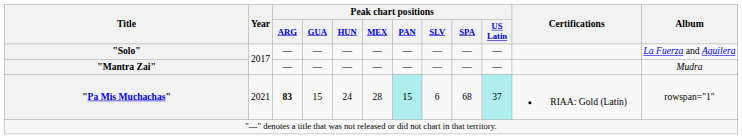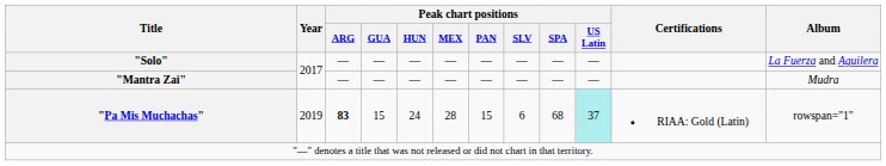 <table class="wikitable plainrowheaders" style="text-align:center">
 <tr>
 <th scope="col" rowspan="2" style="width:25em">Title</th>
 <th scope="col" rowspan="2">Year</th>
 <th scope="col" colspan="8">Peak chart positions</th>
 <th scope="col" rowspan="2" style="width:13em">Certifications</th>
 <th scope="col" rowspan="2">Album</th>
 </tr>
 <tr>
 <th scope="col" style="width:3em;font-size:90%"><a href='#'>ARG</a><br></th>
 <th scope="col" style="width:3em;font-size:90%"><a href='#'>GUA</a><br></th>
 <th scope="col" style="width:3em;font-size:90%"><a href='#'>HUN</a><br></th>
 <th scope="col" style="width:3em;font-size:90%"><a href='#'>MEX</a><br></th>
 <th scope="col" style="width:3em;font-size:90%"><a href='#'>PAN</a><br></th>
 <th scope="col" style="width:3em;font-size:90%"><a href='#'>SLV</a><br></th>
 <th scope="col" style="width:3em;font-size:90%"><a href='#'>SPA</a><br></th>
 <th scope="col" style="width:3em;font-size:90%"><a href='#'>US<br>Latin</a><br></th>
 </tr>
 <tr>
 <th scope="row">"Solo"<br></th>
 <td rowspan="2">2017</td>
 <td>—</td>
 <td>—</td>
 <td>—</td>
 <td>—</td>
 <td>—</td>
 <td>—</td>
 <td>—</td>
 <td>—</td>
 <td></td>
 <td><em><a href='#'>La Fuerza</a></em> and <em><a href='#'>Aguilera</a></em></td>
 </tr>
 <tr>
 <th scope="row">"Mantra Zai"<br></th>
 <td>—</td>
 <td>—</td>
 <td>—</td>
 <td>—</td>
 <td>—</td>
 <td>—</td>
 <td>—</td>
 <td>—</td>
 <td></td>
 <td><em>Mudra</em></td>
 </tr>
 <tr>
 <th scope="row">"<a href='#'>Pa Mis Muchachas</a>"<br></th>
-<td>2021</td>
+<td>2019</td>
 <td><strong>83</strong></td>
 <td>15</td>
 <td>24</td>
 <td>28</td>
-<td style="background: paleturquoise;">15</td>
+<td>15</td>
 <td>6</td>
 <td>68</td>
 <td style="background: paleturquoise;">37</td>
 <td><br><ul><li>RIAA: Gold <span>(Latin)</span></li></ul></td>
 <td>rowspan="1" </td>
 </tr>
 <tr>
 <td colspan="13" style="font-size:90%">"—" denotes a title that was not released or did not chart in that territory.</td>
 </tr>
 </table>
